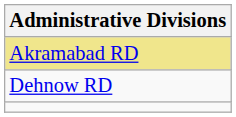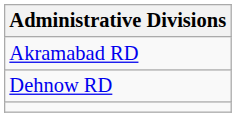 <table class="wikitable">
 <tr>
 <th>Administrative Divisions</th>
 </tr>
 <tr>
-<td style="background: khaki;"><a href='#'>Akramabad RD</a></td>
+<td><a href='#'>Akramabad RD</a></td>
 </tr>
 <tr>
 <td><a href='#'>Dehnow RD</a></td>
 </tr>
 <tr>
 <td colspan=1></td>
 </tr>
 </table>
